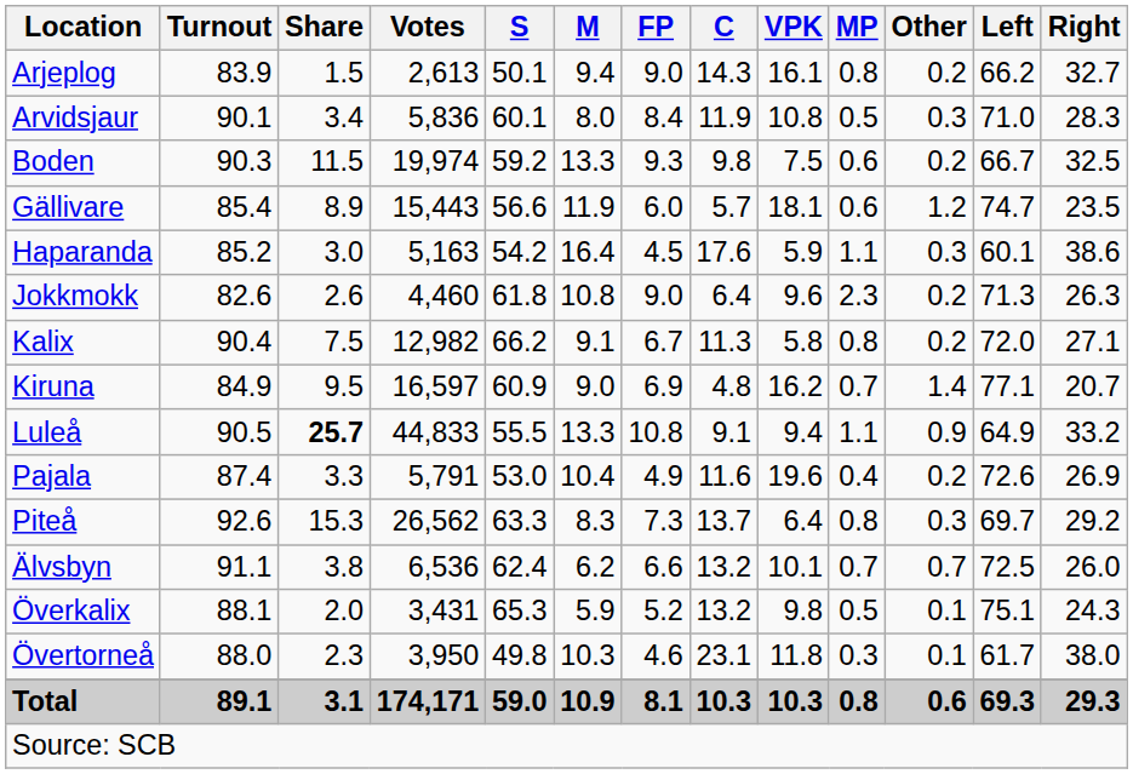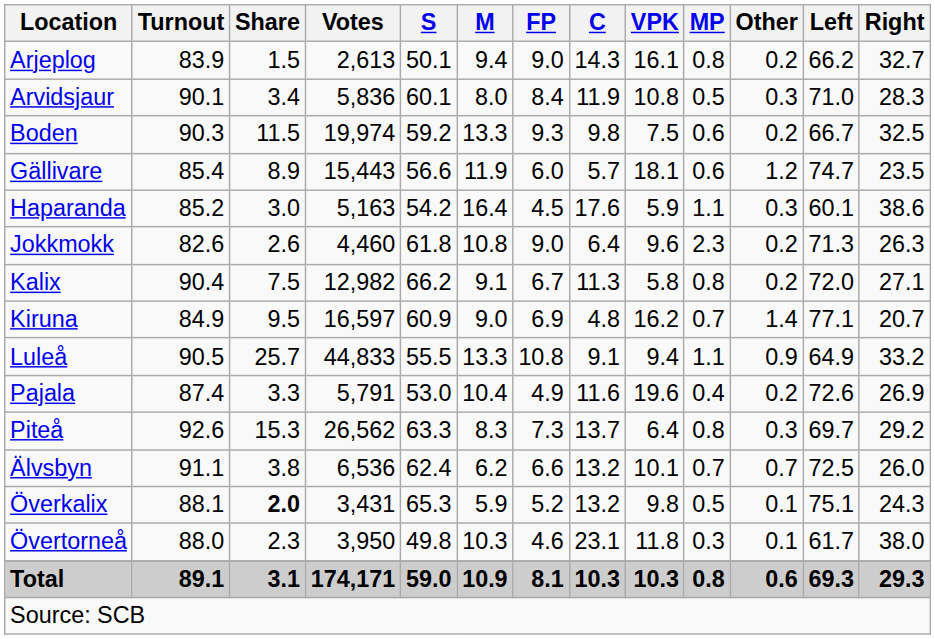 <table class="wikitable sortable" style=text-align:right>
 <tr>
 <th>Location</th>
 <th>Turnout</th>
 <th>Share</th>
 <th>Votes</th>
 <th><a href='#'>S</a></th>
 <th><a href='#'>M</a></th>
 <th><a href='#'>FP</a></th>
 <th><a href='#'>C</a></th>
 <th><a href='#'>VPK</a></th>
 <th><a href='#'>MP</a></th>
 <th>Other</th>
 <th>Left</th>
 <th>Right</th>
 </tr>
 <tr>
 <td align=left><a href='#'>Arjeplog</a></td>
 <td>83.9</td>
 <td>1.5</td>
 <td>2,613</td>
 <td>50.1</td>
 <td>9.4</td>
 <td>9.0</td>
 <td>14.3</td>
 <td>16.1</td>
 <td>0.8</td>
 <td>0.2</td>
 <td>66.2</td>
 <td>32.7</td>
 </tr>
 <tr>
 <td align=left><a href='#'>Arvidsjaur</a></td>
 <td>90.1</td>
 <td>3.4</td>
 <td>5,836</td>
 <td>60.1</td>
 <td>8.0</td>
 <td>8.4</td>
 <td>11.9</td>
 <td>10.8</td>
 <td>0.5</td>
 <td>0.3</td>
 <td>71.0</td>
 <td>28.3</td>
 </tr>
 <tr>
 <td align=left><a href='#'>Boden</a></td>
 <td>90.3</td>
 <td>11.5</td>
 <td>19,974</td>
 <td>59.2</td>
 <td>13.3</td>
 <td>9.3</td>
 <td>9.8</td>
 <td>7.5</td>
 <td>0.6</td>
 <td>0.2</td>
 <td>66.7</td>
 <td>32.5</td>
 </tr>
 <tr>
 <td align=left><a href='#'>Gällivare</a></td>
 <td>85.4</td>
 <td>8.9</td>
 <td>15,443</td>
 <td>56.6</td>
 <td>11.9</td>
 <td>6.0</td>
 <td>5.7</td>
 <td>18.1</td>
 <td>0.6</td>
 <td>1.2</td>
 <td>74.7</td>
 <td>23.5</td>
 </tr>
 <tr>
 <td align=left><a href='#'>Haparanda</a></td>
 <td>85.2</td>
 <td>3.0</td>
 <td>5,163</td>
 <td>54.2</td>
 <td>16.4</td>
 <td>4.5</td>
 <td>17.6</td>
 <td>5.9</td>
 <td>1.1</td>
 <td>0.3</td>
 <td>60.1</td>
 <td>38.6</td>
 </tr>
 <tr>
 <td align=left><a href='#'>Jokkmokk</a></td>
 <td>82.6</td>
 <td>2.6</td>
 <td>4,460</td>
 <td>61.8</td>
 <td>10.8</td>
 <td>9.0</td>
 <td>6.4</td>
 <td>9.6</td>
 <td>2.3</td>
 <td>0.2</td>
 <td>71.3</td>
 <td>26.3</td>
 </tr>
 <tr>
 <td align=left><a href='#'>Kalix</a></td>
 <td>90.4</td>
 <td>7.5</td>
 <td>12,982</td>
 <td>66.2</td>
 <td>9.1</td>
 <td>6.7</td>
 <td>11.3</td>
 <td>5.8</td>
 <td>0.8</td>
 <td>0.2</td>
 <td>72.0</td>
 <td>27.1</td>
 </tr>
 <tr>
 <td align=left><a href='#'>Kiruna</a></td>
 <td>84.9</td>
 <td>9.5</td>
 <td>16,597</td>
 <td>60.9</td>
 <td>9.0</td>
 <td>6.9</td>
 <td>4.8</td>
 <td>16.2</td>
 <td>0.7</td>
 <td>1.4</td>
 <td>77.1</td>
 <td>20.7</td>
 </tr>
 <tr>
 <td align=left><a href='#'>Luleå</a></td>
 <td>90.5</td>
-<td><strong>25.7</strong></td>
+<td>25.7</td>
 <td>44,833</td>
 <td>55.5</td>
 <td>13.3</td>
 <td>10.8</td>
 <td>9.1</td>
 <td>9.4</td>
 <td>1.1</td>
 <td>0.9</td>
 <td>64.9</td>
 <td>33.2</td>
 </tr>
 <tr>
 <td align=left><a href='#'>Pajala</a></td>
 <td>87.4</td>
 <td>3.3</td>
 <td>5,791</td>
 <td>53.0</td>
 <td>10.4</td>
 <td>4.9</td>
 <td>11.6</td>
 <td>19.6</td>
 <td>0.4</td>
 <td>0.2</td>
 <td>72.6</td>
 <td>26.9</td>
 </tr>
 <tr>
 <td align=left><a href='#'>Piteå</a></td>
 <td>92.6</td>
 <td>15.3</td>
 <td>26,562</td>
 <td>63.3</td>
 <td>8.3</td>
 <td>7.3</td>
 <td>13.7</td>
 <td>6.4</td>
 <td>0.8</td>
 <td>0.3</td>
 <td>69.7</td>
 <td>29.2</td>
 </tr>
 <tr>
 <td align=left><a href='#'>Älvsbyn</a></td>
 <td>91.1</td>
 <td>3.8</td>
 <td>6,536</td>
 <td>62.4</td>
 <td>6.2</td>
 <td>6.6</td>
 <td>13.2</td>
 <td>10.1</td>
 <td>0.7</td>
 <td>0.7</td>
 <td>72.5</td>
 <td>26.0</td>
 </tr>
 <tr>
 <td align=left><a href='#'>Överkalix</a></td>
 <td>88.1</td>
-<td>2.0</td>
+<td><strong>2.0</strong></td>
 <td>3,431</td>
 <td>65.3</td>
 <td>5.9</td>
 <td>5.2</td>
 <td>13.2</td>
 <td>9.8</td>
 <td>0.5</td>
 <td>0.1</td>
 <td>75.1</td>
 <td>24.3</td>
 </tr>
 <tr>
 <td align=left><a href='#'>Övertorneå</a></td>
 <td>88.0</td>
 <td>2.3</td>
 <td>3,950</td>
 <td>49.8</td>
 <td>10.3</td>
 <td>4.6</td>
 <td>23.1</td>
 <td>11.8</td>
 <td>0.3</td>
 <td>0.1</td>
 <td>61.7</td>
 <td>38.0</td>
 </tr>
 <tr>
 </tr>
 <tr style="background:#CDCDCD;">
 <td align=left><strong>Total</strong></td>
 <td><strong>89.1</strong></td>
 <td><strong>3.1</strong></td>
 <td><strong>174,171</strong></td>
 <td><strong>59.0</strong></td>
 <td><strong>10.9</strong></td>
 <td><strong>8.1</strong></td>
 <td><strong>10.3</strong></td>
 <td><strong>10.3</strong></td>
 <td><strong>0.8</strong></td>
 <td><strong>0.6</strong></td>
 <td><strong>69.3</strong></td>
 <td><strong>29.3</strong></td>
 </tr>
 <tr>
 <td align=left colspan=13>Source: SCB </td>
 </tr>
 </table>
